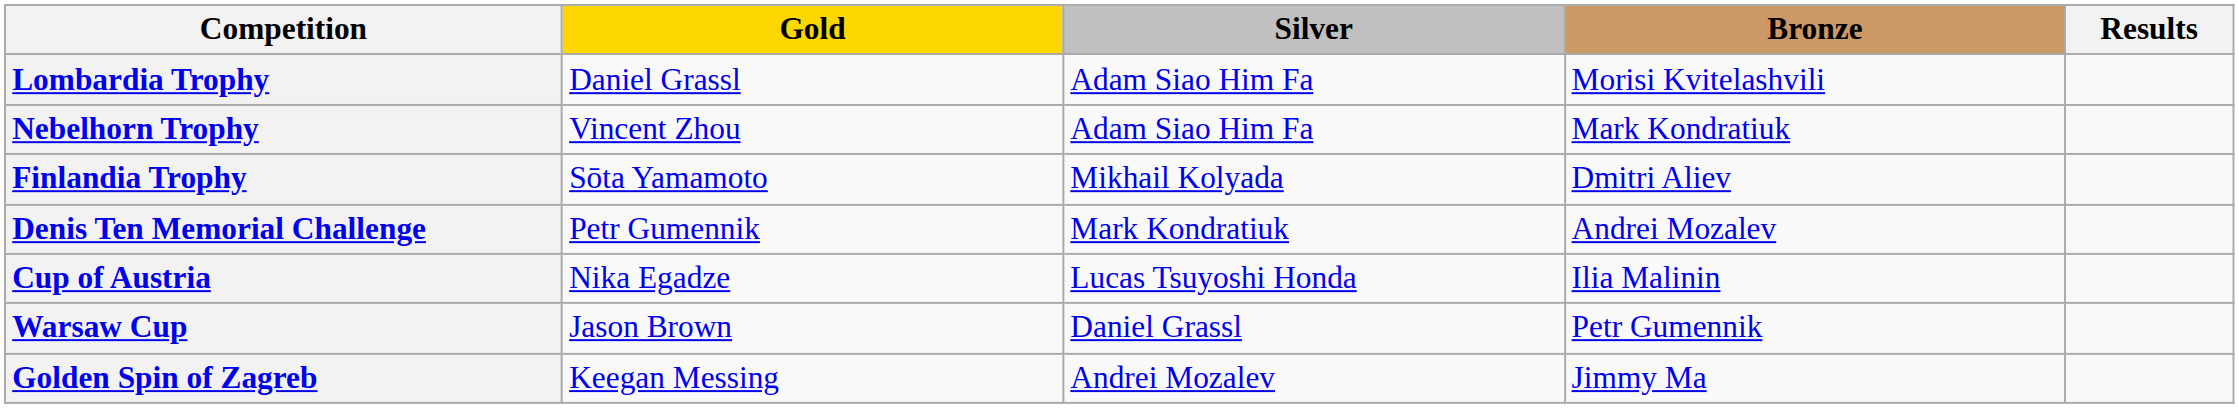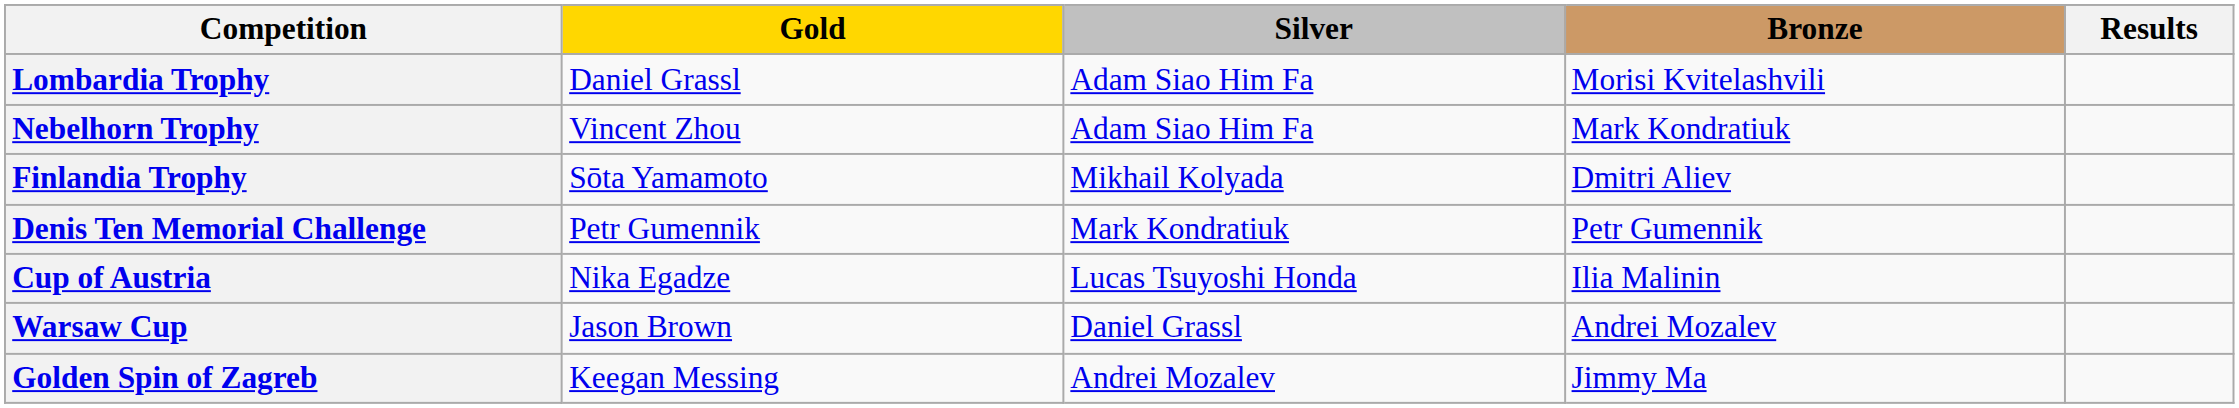 <table class="wikitable unsortable" style="text-align:left; width:90%;">
 <tr>
 <th scope="col" style="text-align:center; width:25%;">Competition</th>
 <td scope="col" style="text-align:center; width:22.5%; background:gold"><strong>Gold</strong></td>
 <td scope="col" style="text-align:center; width:22.5%; background:silver"><strong>Silver</strong></td>
 <td scope="col" style="text-align:center; width:22.5%; background:#c96"><strong>Bronze</strong></td>
 <th scope="col" style="text-align:center; width:7.5%;">Results</th>
 </tr>
 <tr>
 <th scope="row" style="text-align:left"> <a href='#'>Lombardia Trophy</a></th>
 <td> <a href='#'>Daniel Grassl</a></td>
 <td> <a href='#'>Adam Siao Him Fa</a></td>
 <td> <a href='#'>Morisi Kvitelashvili</a></td>
 <td></td>
 </tr>
 <tr>
 <th scope="row" style="text-align:left"> <a href='#'>Nebelhorn Trophy</a></th>
 <td> <a href='#'>Vincent Zhou</a></td>
 <td> <a href='#'>Adam Siao Him Fa</a></td>
 <td> <a href='#'>Mark Kondratiuk</a></td>
 <td></td>
 </tr>
 <tr>
 <th scope="row" style="text-align:left"> <a href='#'>Finlandia Trophy</a></th>
 <td> <a href='#'>Sōta Yamamoto</a></td>
 <td> <a href='#'>Mikhail Kolyada</a></td>
 <td> <a href='#'>Dmitri Aliev</a></td>
 <td></td>
 </tr>
 <tr>
 <th scope="row" style="text-align:left"> <a href='#'>Denis Ten Memorial Challenge</a></th>
 <td> <a href='#'>Petr Gumennik</a></td>
 <td> <a href='#'>Mark Kondratiuk</a></td>
-<td> <a href='#'>Andrei Mozalev</a></td>
+<td> <a href='#'>Petr Gumennik</a></td>
 <td></td>
 </tr>
 <tr>
 <th scope="row" style="text-align:left"> <a href='#'>Cup of Austria</a></th>
 <td> <a href='#'>Nika Egadze</a></td>
 <td> <a href='#'>Lucas Tsuyoshi Honda</a></td>
 <td> <a href='#'>Ilia Malinin</a></td>
 <td></td>
 </tr>
 <tr>
 <th scope="row" style="text-align:left"> <a href='#'>Warsaw Cup</a></th>
 <td> <a href='#'>Jason Brown</a></td>
 <td> <a href='#'>Daniel Grassl</a></td>
-<td> <a href='#'>Petr Gumennik</a></td>
+<td> <a href='#'>Andrei Mozalev</a></td>
 <td></td>
 </tr>
 <tr>
 <th scope="row" style="text-align:left"> <a href='#'>Golden Spin of Zagreb</a></th>
 <td> <a href='#'>Keegan Messing</a></td>
 <td> <a href='#'>Andrei Mozalev</a></td>
 <td> <a href='#'>Jimmy Ma</a></td>
 <td></td>
 </tr>
 </table>
